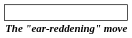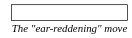 <table style="float:right; margin-left:1em;">
 <tr>
 <td style="border: solid thin; padding: 2px;"><br></td>
 </tr>
 <tr>
-<td style="text-align:center"><strong><em>The "ear-reddening" move</em></strong></td>
+<td style="text-align:center"><em>The "ear-reddening" move</em></td>
 </tr>
 </table>
